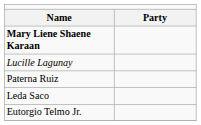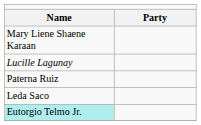 <table class=wikitable style="font-size:90%">
 <tr>
 <td colspan=4 bgcolor=></td>
 </tr>
 <tr>
 <th width=150px>Name</th>
 <th colspan=2 width=110px>Party</th>
 </tr>
 <tr>
-<td><strong>Mary Liene Shaene Karaan</strong></td>
+<td>Mary Liene Shaene Karaan</td>
 <td></td>
 </tr>
 <tr>
 <td><em>Lucille Lagunay</em></td>
 <td></td>
 </tr>
 <tr>
 <td>Paterna Ruiz</td>
 <td></td>
 </tr>
 <tr>
 <td>Leda Saco</td>
 <td></td>
 </tr>
 <tr>
-<td>Eutorgio Telmo Jr.</td>
+<td style="background: paleturquoise;">Eutorgio Telmo Jr.</td>
 <td></td>
 </tr>
 <tr>
 </tr>
 </table>
